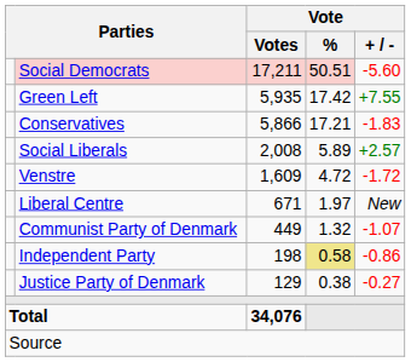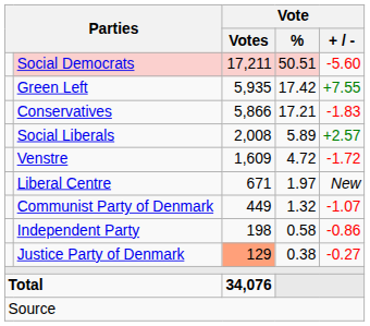 <table class="wikitable" style="text-align:right;">
 <tr>
 <th style="text-align:centre;" rowspan="2" colspan="2" width="225">Parties</th>
 <th colspan="3">Vote</th>
 </tr>
 <tr>
 <th width="15">Votes</th>
 <th width="15">%</th>
 <th width="15">+ / -</th>
 </tr>
 <tr>
 <td width="2" style="color:inherit;background:"></td>
 <td bgcolor=#fbd0ce  align="left"><a href='#'>Social Democrats</a></td>
 <td bgcolor=#fbd0ce>17,211</td>
 <td bgcolor="#fbd0ce">50.51</td>
 <td style="color:red;">-5.60</td>
 </tr>
 <tr>
 <td width="2"></td>
 <td align="left"><a href='#'>Green Left</a></td>
 <td>5,935</td>
 <td>17.42</td>
 <td style="color:green;">+7.55</td>
 </tr>
 <tr>
 <td width="2"></td>
 <td align="left"><a href='#'>Conservatives</a></td>
 <td>5,866</td>
 <td>17.21</td>
 <td style="color:red;">-1.83</td>
 </tr>
 <tr>
 <td width="2"></td>
 <td align="left"><a href='#'>Social Liberals</a></td>
 <td>2,008</td>
 <td>5.89</td>
 <td style="color:green;">+2.57</td>
 </tr>
 <tr>
 <td width="2"></td>
 <td align="left"><a href='#'>Venstre</a></td>
 <td>1,609</td>
 <td>4.72</td>
 <td style="color:red;">-1.72</td>
 </tr>
 <tr>
 <td width="2" style="color:inherit;background:"></td>
 <td align="left"><a href='#'>Liberal Centre</a></td>
 <td>671</td>
 <td>1.97</td>
 <td><em>New</em></td>
 </tr>
 <tr>
 <td width="2"></td>
 <td align="left"><a href='#'>Communist Party of Denmark</a></td>
 <td>449</td>
 <td>1.32</td>
 <td style="color:red;">-1.07</td>
 </tr>
 <tr>
 <td width="2"></td>
 <td align="left"><a href='#'>Independent Party</a></td>
 <td>198</td>
-<td style="background: khaki;">0.58</td>
+<td>0.58</td>
 <td style="color:red;">-0.86</td>
 </tr>
 <tr>
 <td width="2" style="color:inherit;background:"></td>
 <td align="left"><a href='#'>Justice Party of Denmark</a></td>
-<td>129</td>
+<td style="background: lightsalmon;">129</td>
 <td>0.38</td>
 <td style="color:red;">-0.27</td>
 </tr>
 <tr>
 <td colspan="7" bgcolor="#E9E9E9"></td>
 </tr>
 <tr>
 <td align="left" colspan="2"><strong>Total</strong></td>
 <td><strong>34,076</strong></td>
 <td bgcolor="#E9E9E9" colspan="2"></td>
 </tr>
 <tr>
 <td align="left" colspan="6">Source</td>
 </tr>
 </table>
